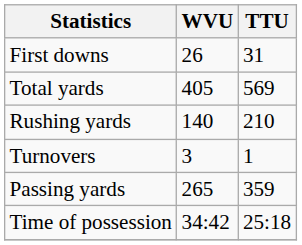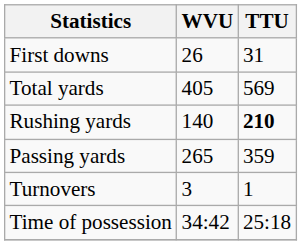 <table class="wikitable" style="float: left;">
 <tr>
 <th>Statistics</th>
 <th>WVU</th>
 <th>TTU</th>
 </tr>
 <tr>
 <td>First downs</td>
 <td>26</td>
 <td>31</td>
 </tr>
 <tr>
 <td>Total yards</td>
 <td>405</td>
 <td>569</td>
 </tr>
 <tr>
 <td>Rushing yards</td>
 <td>140</td>
-<td>210</td>
+<td><strong>210</strong></td>
+</tr>
+<tr>
+<td>Passing yards</td>
+<td>265</td>
+<td>359</td>
 </tr>
 <tr>
 <td>Turnovers</td>
 <td>3</td>
 <td>1</td>
-</tr>
-<tr>
-<td>Passing yards</td>
-<td>265</td>
-<td>359</td>
 </tr>
 <tr>
 <td>Time of possession</td>
 <td>34:42</td>
 <td>25:18</td>
 </tr>
 <tr>
 </tr>
 </table>
